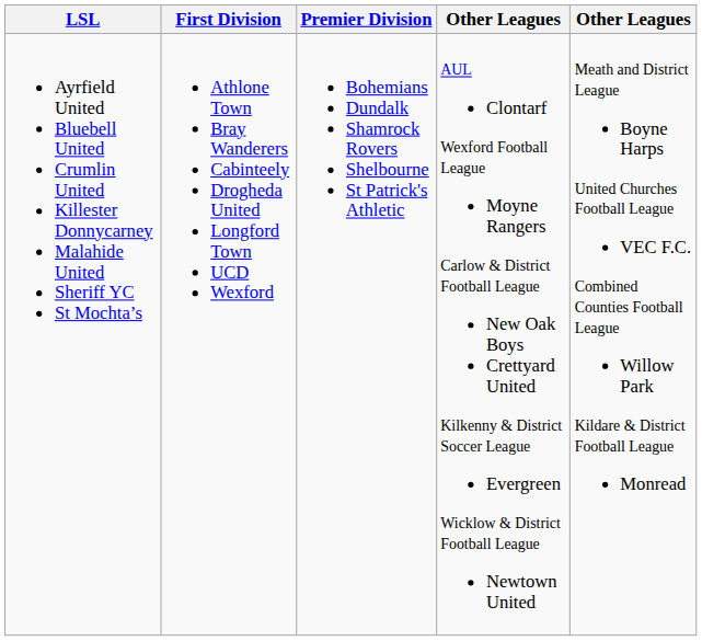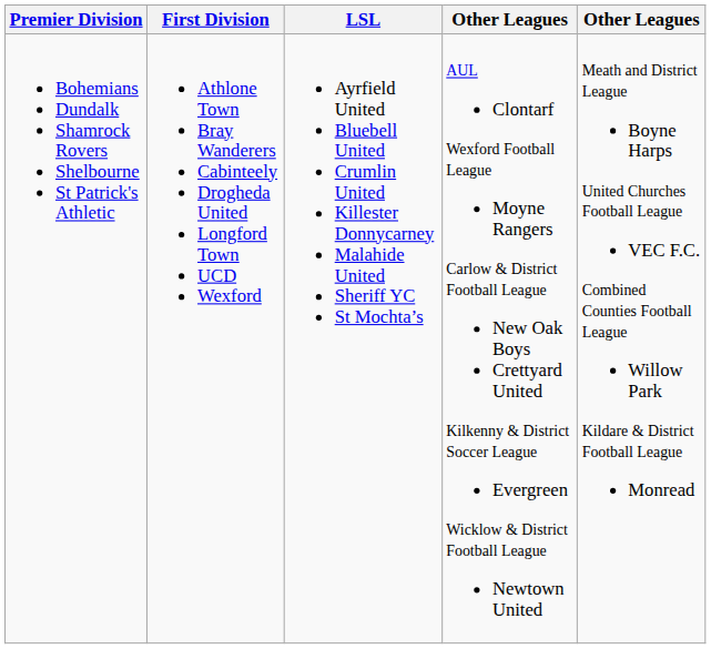 <table class="wikitable">
 <tr>
+<th><a href='#'>Premier Division</a></th>
+<th><a href='#'>First Division</a></th>
 <th><a href='#'>LSL</a></th>
-<th><a href='#'>First Division</a></th>
-<th><a href='#'>Premier Division</a></th>
 <th>Other Leagues</th>
 <th>Other Leagues</th>
 </tr>
 <tr>
+<td valign=top><br><ul><li><a href='#'>Bohemians</a></li><li><a href='#'>Dundalk</a></li><li><a href='#'>Shamrock Rovers</a></li><li><a href='#'>Shelbourne</a></li><li><a href='#'>St Patrick's Athletic</a></li></ul></td>
+<td valign=top><br><ul><li><a href='#'>Athlone Town</a></li><li><a href='#'>Bray Wanderers</a></li><li><a href='#'>Cabinteely</a></li><li><a href='#'>Drogheda United</a></li><li><a href='#'>Longford Town</a></li><li><a href='#'>UCD</a></li><li><a href='#'>Wexford</a></li></ul></td>
 <td valign=top><br><ul><li>Ayrfield United</li><li><a href='#'>Bluebell United</a></li><li><a href='#'>Crumlin United</a></li><li><a href='#'>Killester Donnycarney</a></li><li><a href='#'>Malahide United</a></li><li><a href='#'>Sheriff YC</a></li><li><a href='#'>St Mochta’s</a></li></ul></td>
-<td valign=top><br><ul><li><a href='#'>Athlone Town</a></li><li><a href='#'>Bray Wanderers</a></li><li><a href='#'>Cabinteely</a></li><li><a href='#'>Drogheda United</a></li><li><a href='#'>Longford Town</a></li><li><a href='#'>UCD</a></li><li><a href='#'>Wexford</a></li></ul></td>
-<td valign=top><br><ul><li><a href='#'>Bohemians</a></li><li><a href='#'>Dundalk</a></li><li><a href='#'>Shamrock Rovers</a></li><li><a href='#'>Shelbourne</a></li><li><a href='#'>St Patrick's Athletic</a></li></ul></td>
 <td valign=top><br><small><a href='#'>AUL</a></small><ul><li>Clontarf</li></ul><small>Wexford Football League</small><ul><li>Moyne Rangers</li></ul><small>Carlow & District Football League</small><ul><li>New Oak Boys</li><li>Crettyard United</li></ul><small>Kilkenny & District Soccer League</small><ul><li>Evergreen</li></ul><small>Wicklow & District Football League</small><ul><li>Newtown United</li></ul></td>
 <td valign=top><br><small>Meath and District League</small><ul><li>Boyne Harps</li></ul><small>United Churches Football League</small><ul><li>VEC F.C.</li></ul><small>Combined Counties Football League</small><ul><li>Willow Park</li></ul><small>Kildare & District Football League</small><ul><li>Monread</li></ul></td>
 </tr>
 </table>
